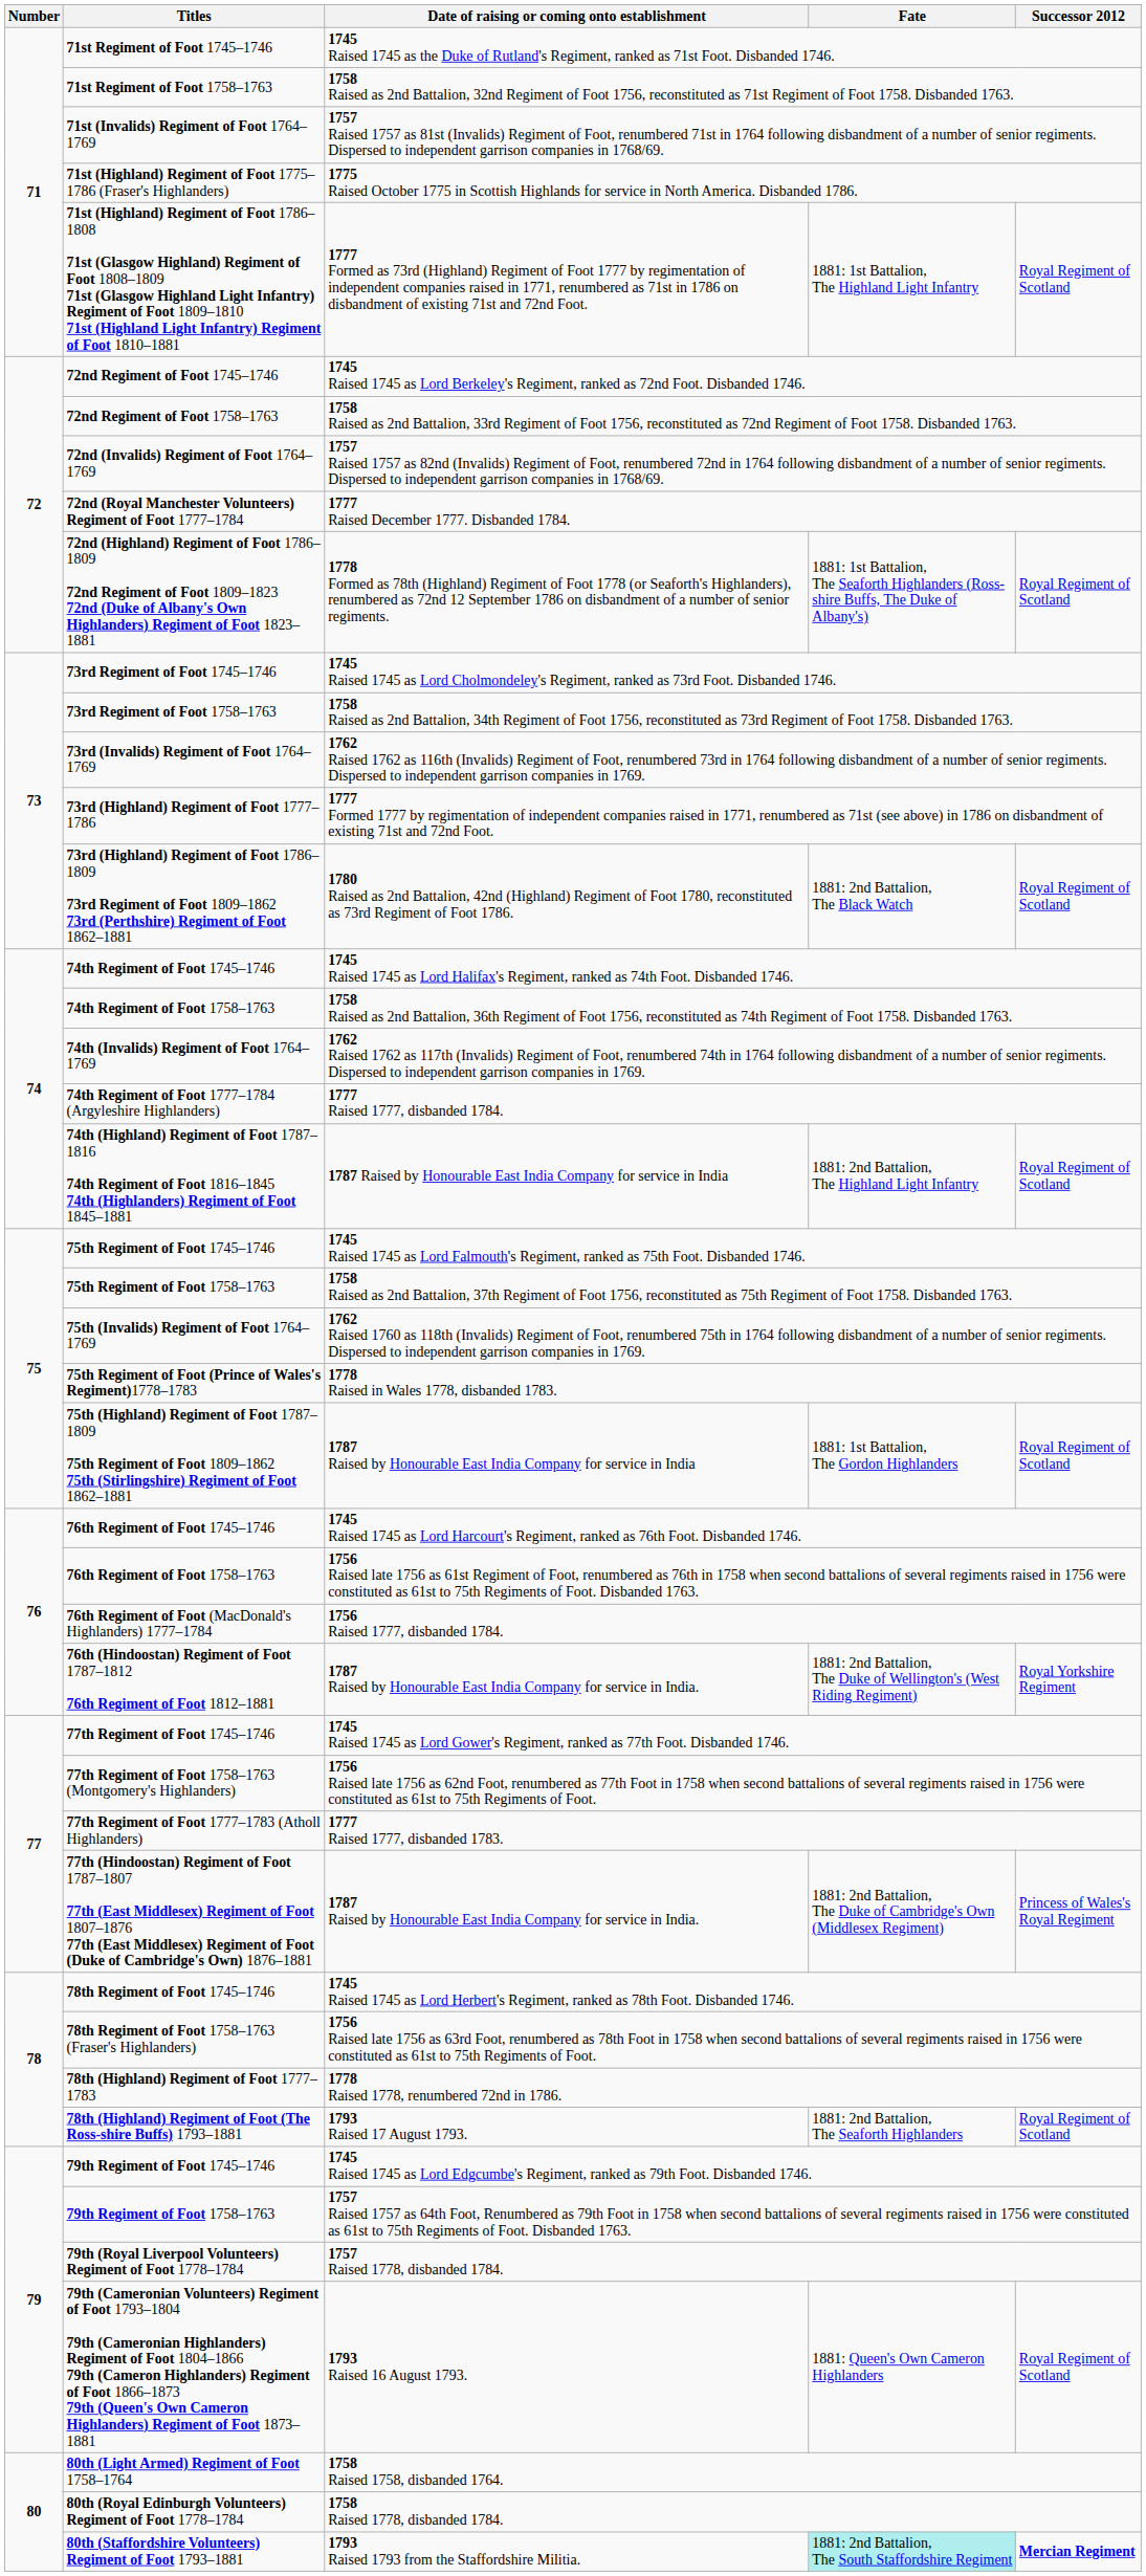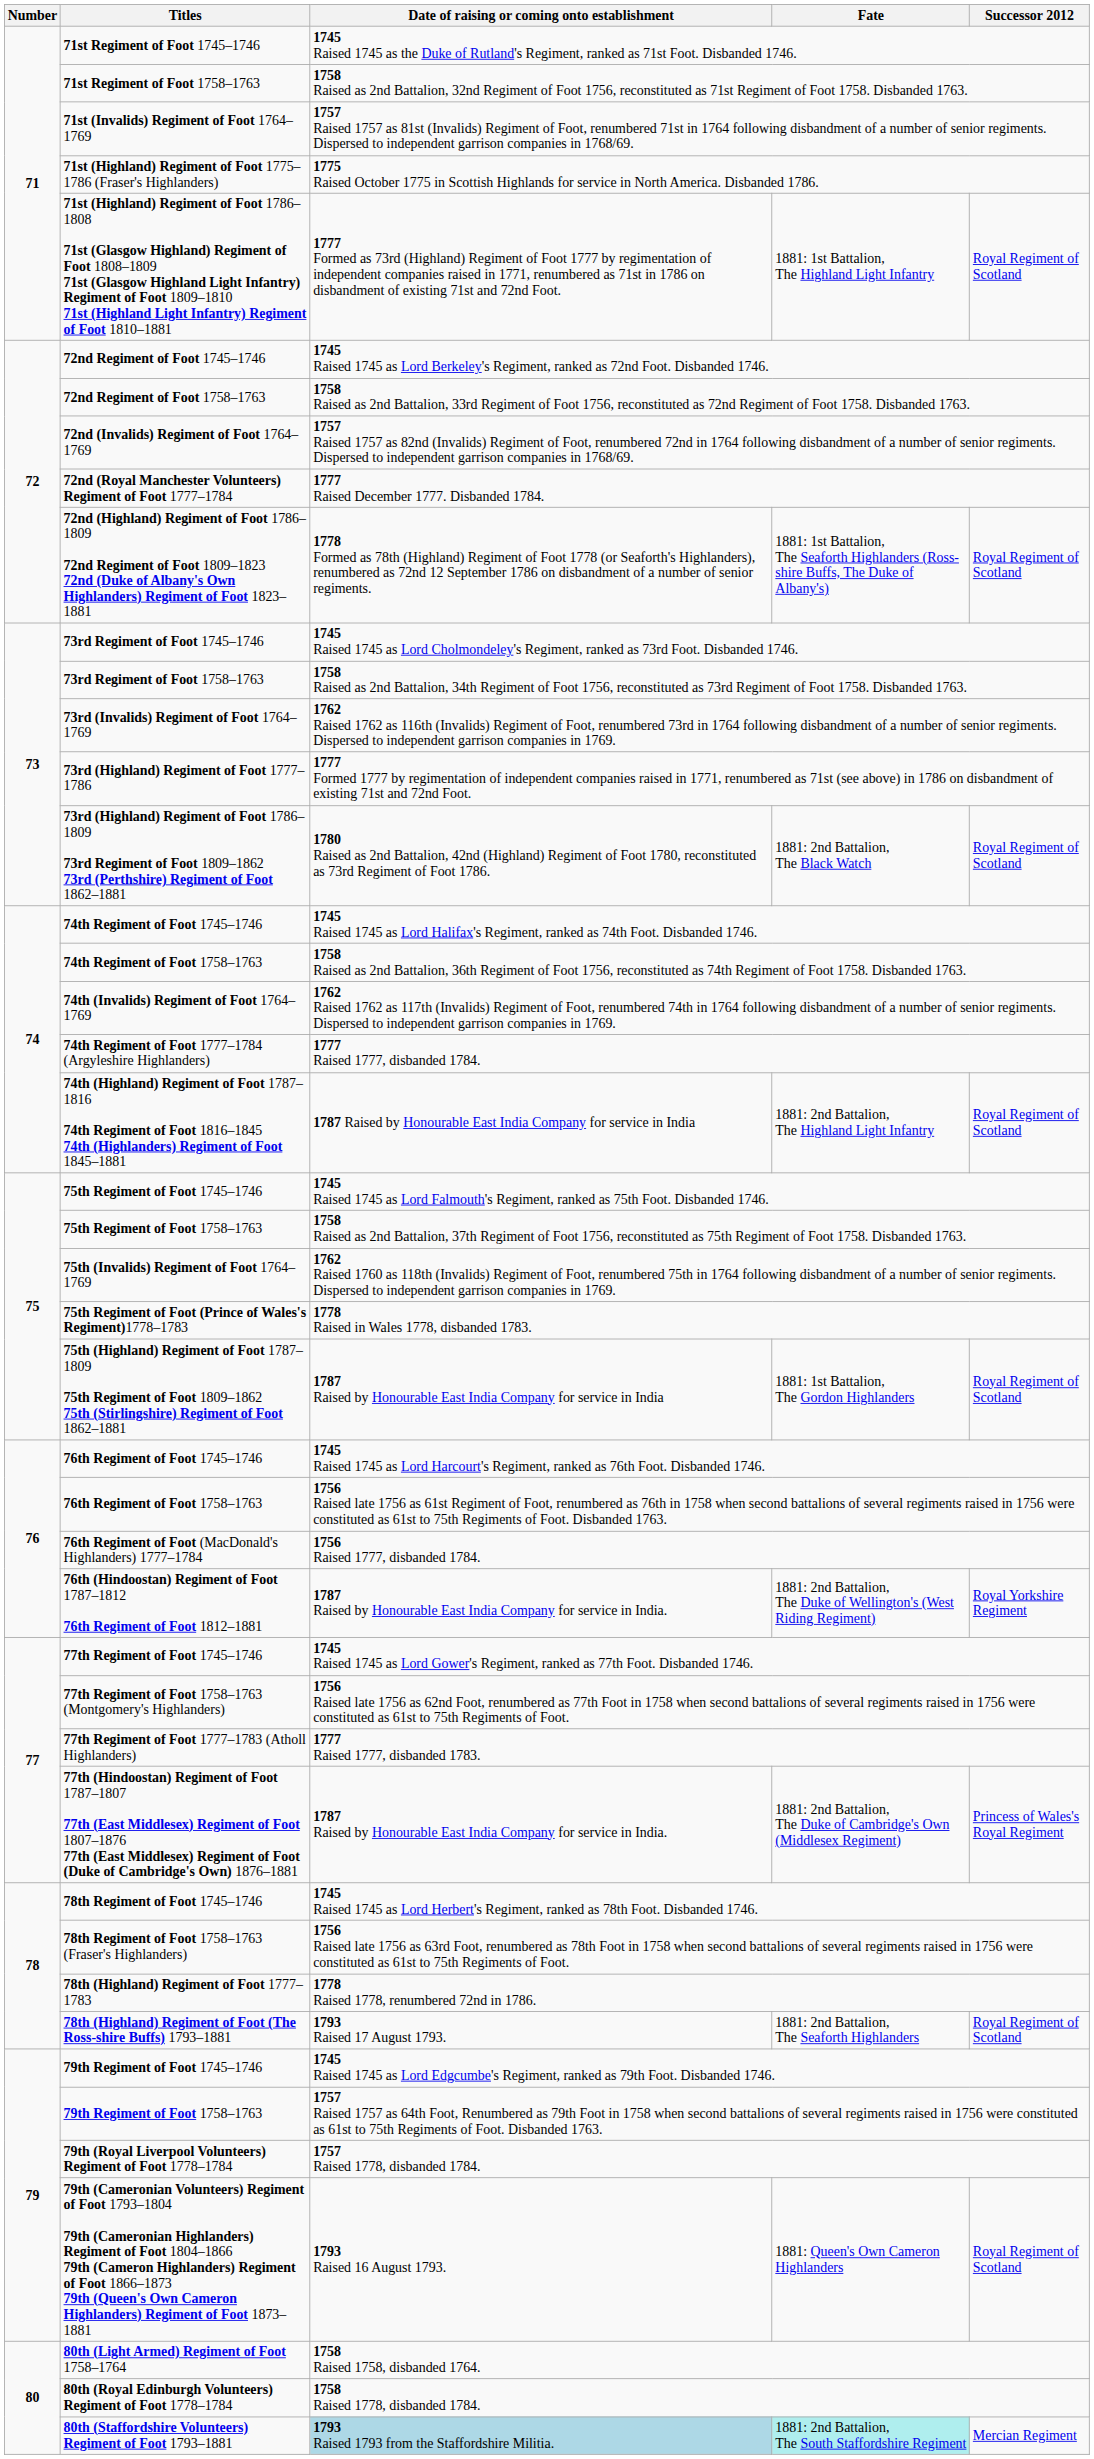 <table class="wikitable">
 <tr>
 <th>Number</th>
 <th>Titles</th>
 <th>Date of raising or coming onto establishment</th>
 <th>Fate</th>
 <th>Successor 2012</th>
 </tr>
 <tr>
 <td align=center valign=middle rowspan="5"><strong>71</strong></td>
 <td><strong>71st Regiment of Foot</strong> 1745–1746</td>
 <td colspan=3><strong>1745</strong><br>Raised 1745 as the <a href='#'>Duke of Rutland</a>'s Regiment, ranked as 71st Foot. Disbanded 1746.</td>
 </tr>
 <tr>
 <td><strong>71st Regiment of Foot</strong> 1758–1763</td>
 <td colspan="3"><strong>1758</strong><br>Raised as 2nd Battalion, 32nd Regiment of Foot 1756, reconstituted as 71st Regiment of Foot 1758. Disbanded 1763.</td>
 </tr>
 <tr>
 <td><strong>71st (Invalids) Regiment of Foot</strong> 1764–1769</td>
 <td colspan="3"><strong>1757</strong><br>Raised 1757 as 81st (Invalids) Regiment of Foot, renumbered 71st in 1764 following disbandment of a number of senior regiments. Dispersed to independent garrison companies in 1768/69.</td>
 </tr>
 <tr>
 <td><strong>71st (Highland) Regiment of Foot</strong> 1775–1786 (Fraser's Highlanders)</td>
 <td colspan="3"><strong>1775</strong><br>Raised October 1775 in Scottish Highlands for service in North America. Disbanded 1786.</td>
 </tr>
 <tr>
 <td><strong>71st (Highland) Regiment of Foot</strong> 1786–1808<br><br><strong>71st (Glasgow Highland) Regiment of Foot</strong> 1808–1809<br> <strong>71st (Glasgow Highland Light Infantry) Regiment of Foot</strong> 1809–1810<br> <strong><a href='#'>71st (Highland Light Infantry) Regiment of Foot</a></strong> 1810–1881<br></td>
 <td><strong>1777</strong><br>Formed as 73rd (Highland) Regiment of Foot 1777 by regimentation of independent companies raised in 1771, renumbered as 71st in 1786 on disbandment of existing 71st and 72nd Foot.</td>
 <td>1881: 1st Battalion,<br>The <a href='#'>Highland Light Infantry</a></td>
 <td><a href='#'>Royal Regiment of Scotland</a></td>
 </tr>
 <tr>
 <td align=center valign=middle rowspan="5"><strong>72</strong></td>
 <td><strong>72nd Regiment of Foot</strong> 1745–1746</td>
 <td colspan=3><strong>1745</strong><br>Raised 1745 as <a href='#'>Lord Berkeley</a>'s Regiment, ranked as 72nd Foot. Disbanded 1746.</td>
 </tr>
 <tr>
 <td><strong>72nd Regiment of Foot</strong> 1758–1763</td>
 <td colspan="3"><strong>1758</strong><br>Raised as 2nd Battalion, 33rd Regiment of Foot 1756, reconstituted as 72nd Regiment of Foot 1758. Disbanded 1763.</td>
 </tr>
 <tr>
 <td><strong>72nd (Invalids) Regiment of Foot</strong> 1764–1769</td>
 <td colspan="3"><strong>1757</strong><br>Raised 1757 as 82nd (Invalids) Regiment of Foot, renumbered 72nd in 1764 following disbandment of a number of senior regiments. Dispersed to independent garrison companies in 1768/69.</td>
 </tr>
 <tr>
 <td><strong>72nd (Royal Manchester Volunteers) Regiment of Foot</strong> 1777–1784</td>
 <td colspan="3"><strong>1777</strong><br>Raised December 1777. Disbanded 1784.</td>
 </tr>
 <tr>
 <td><strong>72nd (Highland) Regiment of Foot</strong> 1786–1809<br><br><strong>72nd Regiment of Foot</strong> 1809–1823<br> <strong><a href='#'>72nd (Duke of Albany's Own Highlanders) Regiment of Foot</a></strong> 1823–1881</td>
 <td><strong>1778</strong><br>Formed as 78th (Highland) Regiment of Foot 1778 (or Seaforth's Highlanders), renumbered as 72nd 12 September 1786 on disbandment of a number of senior regiments.</td>
 <td>1881: 1st Battalion,<br>The <a href='#'>Seaforth Highlanders (Ross-shire Buffs, The Duke of Albany's)</a></td>
 <td><a href='#'>Royal Regiment of Scotland</a></td>
 </tr>
 <tr>
 <td align=center valign=middle rowspan="5"><strong>73</strong></td>
 <td><strong>73rd Regiment of Foot</strong> 1745–1746</td>
 <td colspan=3><strong>1745</strong><br>Raised 1745 as <a href='#'>Lord Cholmondeley</a>'s Regiment, ranked as 73rd Foot. Disbanded 1746.</td>
 </tr>
 <tr>
 <td><strong>73rd Regiment of Foot</strong> 1758–1763</td>
 <td colspan="3"><strong>1758</strong><br>Raised as 2nd Battalion, 34th Regiment of Foot 1756, reconstituted as 73rd Regiment of Foot 1758. Disbanded 1763.</td>
 </tr>
 <tr>
 <td><strong>73rd (Invalids) Regiment of Foot</strong> 1764–1769</td>
 <td colspan="3"><strong>1762</strong><br>Raised 1762 as 116th (Invalids) Regiment of Foot, renumbered 73rd in 1764 following disbandment of a number of senior regiments. Dispersed to independent garrison companies in 1769.</td>
 </tr>
 <tr>
 <td><strong>73rd (Highland) Regiment of Foot </strong>1777–1786</td>
 <td colspan="3"><strong>1777</strong><br>Formed 1777 by regimentation of independent companies raised in 1771, renumbered as 71st (see above) in 1786 on disbandment of existing 71st and 72nd Foot.</td>
 </tr>
 <tr>
 <td><strong>73rd (Highland) Regiment of Foot</strong> 1786–1809<br><br><strong>73rd Regiment of Foot</strong> 1809–1862<br> <strong><a href='#'>73rd (Perthshire) Regiment of Foot</a></strong> 1862–1881</td>
 <td><strong>1780</strong><br>Raised as 2nd Battalion, 42nd (Highland) Regiment of Foot 1780, reconstituted as 73rd Regiment of Foot 1786.</td>
 <td>1881: 2nd Battalion,<br>The <a href='#'>Black Watch</a></td>
 <td><a href='#'>Royal Regiment of Scotland</a></td>
 </tr>
 <tr>
 <td align=center valign=middle rowspan="5"><strong>74</strong></td>
 <td><strong>74th Regiment of Foot</strong> 1745–1746</td>
 <td colspan=3><strong>1745</strong><br>Raised 1745 as <a href='#'>Lord Halifax</a>'s Regiment, ranked as 74th Foot. Disbanded 1746.</td>
 </tr>
 <tr>
 <td><strong>74th Regiment of Foot</strong> 1758–1763</td>
 <td colspan="3"><strong>1758</strong><br>Raised as 2nd Battalion, 36th Regiment of Foot 1756, reconstituted as 74th Regiment of Foot 1758. Disbanded 1763.</td>
 </tr>
 <tr>
 <td><strong>74th (Invalids) Regiment of Foot</strong> 1764–1769</td>
 <td colspan="3"><strong>1762</strong><br>Raised 1762 as 117th (Invalids) Regiment of Foot, renumbered 74th in 1764 following disbandment of a number of senior regiments. Dispersed to independent garrison companies in 1769.</td>
 </tr>
 <tr>
 <td><strong>74th Regiment of Foot</strong> 1777–1784 (Argyleshire Highlanders)</td>
 <td colspan="3"><strong>1777</strong><br>Raised 1777, disbanded 1784.</td>
 </tr>
 <tr>
 <td><strong>74th (Highland) Regiment of Foot</strong> 1787–1816<br><br><strong>74th Regiment of Foot</strong> 1816–1845<br> <strong><a href='#'>74th (Highlanders) Regiment of Foot</a></strong> 1845–1881</td>
 <td><strong>1787</strong> Raised by <a href='#'>Honourable East India Company</a> for service in India</td>
 <td>1881: 2nd Battalion,<br>The <a href='#'>Highland Light Infantry</a></td>
 <td><a href='#'>Royal Regiment of Scotland</a></td>
 </tr>
 <tr>
 <td align=center valign=middle rowspan="5"><strong>75</strong></td>
 <td><strong>75th Regiment of Foot</strong> 1745–1746</td>
 <td colspan=3><strong>1745</strong><br>Raised 1745 as <a href='#'>Lord Falmouth</a>'s Regiment, ranked as 75th Foot. Disbanded 1746.</td>
 </tr>
 <tr>
 <td><strong>75th Regiment of Foot</strong> 1758–1763</td>
 <td colspan="3"><strong>1758</strong><br>Raised as 2nd Battalion, 37th Regiment of Foot 1756, reconstituted as 75th Regiment of Foot 1758. Disbanded 1763.</td>
 </tr>
 <tr>
 <td><strong>75th (Invalids) Regiment of Foot</strong> 1764–1769</td>
 <td colspan="3"><strong>1762</strong><br>Raised 1760 as 118th (Invalids) Regiment of Foot, renumbered 75th in 1764 following disbandment of a number of senior regiments. Dispersed to independent garrison companies in 1769.</td>
 </tr>
 <tr>
 <td><strong>75th Regiment of Foot (Prince of Wales's Regiment)</strong>1778–1783</td>
 <td colspan="3"><strong>1778</strong><br>Raised in Wales 1778, disbanded 1783.</td>
 </tr>
 <tr>
 <td><strong>75th (Highland) Regiment of Foot</strong> 1787–1809<br><br><strong>75th Regiment of Foot</strong> 1809–1862<br> <strong><a href='#'>75th (Stirlingshire) Regiment of Foot</a></strong> 1862–1881</td>
 <td><strong>1787</strong><br> Raised by <a href='#'>Honourable East India Company</a> for service in India</td>
 <td>1881: 1st Battalion,<br>The <a href='#'>Gordon Highlanders</a></td>
 <td><a href='#'>Royal Regiment of Scotland</a></td>
 </tr>
 <tr>
 <td align=center valign=middle rowspan="4"><strong>76</strong></td>
 <td><strong>76th Regiment of Foot</strong> 1745–1746</td>
 <td colspan=3><strong>1745</strong><br>Raised 1745 as <a href='#'>Lord Harcourt</a>'s Regiment, ranked as 76th Foot. Disbanded 1746.</td>
 </tr>
 <tr>
 <td><strong>76th Regiment of Foot</strong> 1758–1763</td>
 <td colspan="3"><strong>1756</strong><br>Raised late 1756 as 61st Regiment of Foot, renumbered as 76th in 1758 when second battalions of several regiments raised in 1756 were constituted as 61st to 75th Regiments of Foot. Disbanded 1763.</td>
 </tr>
 <tr>
 <td><strong>76th Regiment of Foot</strong> (MacDonald's Highlanders) 1777–1784</td>
 <td colspan="3"><strong>1756</strong><br>Raised 1777, disbanded 1784.</td>
 </tr>
 <tr>
 <td><strong>76th (Hindoostan) Regiment of Foot </strong>1787–1812<br><br><strong><a href='#'>76th Regiment of Foot</a></strong> 1812–1881</td>
 <td><strong>1787</strong><br>Raised by <a href='#'>Honourable East India Company</a> for service in India.</td>
 <td>1881: 2nd Battalion,<br>The <a href='#'>Duke of Wellington's (West Riding Regiment)</a></td>
 <td><a href='#'>Royal Yorkshire Regiment</a></td>
 </tr>
 <tr>
 <td align=center valign=middle rowspan="4"><strong>77</strong></td>
 <td><strong>77th Regiment of Foot</strong> 1745–1746</td>
 <td colspan=3><strong>1745</strong><br>Raised 1745 as <a href='#'>Lord Gower</a>'s Regiment, ranked as 77th Foot. Disbanded 1746.</td>
 </tr>
 <tr>
 <td><strong>77th Regiment of Foot</strong> 1758–1763 (Montgomery's Highlanders)</td>
 <td colspan="3"><strong>1756</strong><br>Raised late 1756 as 62nd Foot, renumbered as 77th Foot in 1758 when second battalions of several regiments raised in 1756 were constituted as 61st to 75th Regiments of Foot.</td>
 </tr>
 <tr>
 <td><strong>77th Regiment of Foot </strong>1777–1783 (Atholl Highlanders)<br></td>
 <td colspan="3"><strong>1777</strong><br>Raised 1777, disbanded 1783.</td>
 </tr>
 <tr>
 <td><strong>77th (Hindoostan) Regiment of Foot </strong>1787–1807<br><br><strong><a href='#'>77th (East Middlesex) Regiment of Foot</a></strong> 1807–1876<br> <strong>77th (East Middlesex) Regiment of Foot (Duke of Cambridge's Own)</strong> 1876–1881</td>
 <td><strong>1787</strong><br>Raised by <a href='#'>Honourable East India Company</a> for service in India.</td>
 <td>1881: 2nd Battalion,<br>The <a href='#'>Duke of Cambridge's Own (Middlesex Regiment)</a></td>
 <td><a href='#'>Princess of Wales's Royal Regiment</a></td>
 </tr>
 <tr>
 <td align=center valign=middle rowspan="4"><strong>78</strong></td>
 <td><strong>78th Regiment of Foot</strong> 1745–1746</td>
 <td colspan=3><strong>1745</strong><br>Raised 1745 as <a href='#'>Lord Herbert</a>'s Regiment, ranked as 78th Foot. Disbanded 1746.</td>
 </tr>
 <tr>
 <td><strong>78th Regiment of Foot</strong> 1758–1763 (Fraser's Highlanders)</td>
 <td colspan="3"><strong>1756</strong><br>Raised late 1756 as 63rd Foot, renumbered as 78th Foot in 1758 when second battalions of several regiments raised in 1756 were constituted as 61st to 75th Regiments of Foot.</td>
 </tr>
 <tr>
 <td><strong>78th (Highland) Regiment of Foot</strong> 1777–1783<br></td>
 <td colspan="3"><strong>1778</strong><br>Raised 1778, renumbered 72nd in 1786.</td>
 </tr>
 <tr>
 <td><strong><a href='#'>78th (Highland) Regiment of Foot (The Ross-shire Buffs)</a></strong> 1793–1881<br></td>
 <td><strong>1793</strong><br>Raised 17 August 1793.</td>
 <td>1881: 2nd Battalion,<br>The <a href='#'>Seaforth Highlanders</a></td>
 <td><a href='#'>Royal Regiment of Scotland</a></td>
 </tr>
 <tr>
 <td align=center valign=middle rowspan="4"><strong>79</strong></td>
 <td><strong>79th Regiment of Foot</strong> 1745–1746</td>
 <td colspan=3><strong>1745</strong><br>Raised 1745 as <a href='#'>Lord Edgcumbe</a>'s Regiment, ranked as 79th Foot. Disbanded 1746.</td>
 </tr>
 <tr>
 <td><strong><a href='#'>79th Regiment of Foot</a></strong> 1758–1763<br></td>
 <td colspan="3"><strong>1757</strong><br>Raised 1757 as 64th Foot, Renumbered as 79th Foot in 1758 when second battalions of several regiments raised in 1756 were constituted as 61st to 75th Regiments of Foot. Disbanded 1763.</td>
 </tr>
 <tr>
 <td><strong>79th (Royal Liverpool Volunteers) Regiment of Foot</strong> 1778–1784<br></td>
 <td colspan="3"><strong>1757</strong><br>Raised 1778, disbanded 1784.</td>
 </tr>
 <tr>
 <td><strong>79th (Cameronian Volunteers) Regiment of Foot</strong> 1793–1804<br><br><strong>79th (Cameronian Highlanders) Regiment of Foot</strong> 1804–1866<br> <strong>79th (Cameron Highlanders) Regiment of Foot</strong> 1866–1873<br> <strong><a href='#'>79th (Queen's Own Cameron Highlanders) Regiment of Foot</a></strong> 1873–1881</td>
 <td><strong>1793</strong><br>Raised 16 August 1793.</td>
 <td>1881: <a href='#'>Queen's Own Cameron Highlanders</a></td>
 <td><a href='#'>Royal Regiment of Scotland</a></td>
 </tr>
 <tr>
 <td align=center valign=middle rowspan="3"><strong>80</strong></td>
 <td><strong><a href='#'>80th (Light Armed) Regiment of Foot</a></strong> 1758–1764</td>
 <td colspan="3"><strong>1758</strong><br>Raised 1758, disbanded 1764.</td>
 </tr>
 <tr>
 <td><strong>80th (Royal Edinburgh Volunteers) Regiment of Foot</strong> 1778–1784</td>
 <td colspan="3"><strong>1758</strong><br>Raised 1778, disbanded 1784.</td>
 </tr>
 <tr>
 <td><strong><a href='#'>80th (Staffordshire Volunteers) Regiment of Foot</a></strong> 1793–1881</td>
-<td><strong>1793</strong><br>Raised 1793 from the Staffordshire Militia.</td>
+<td style="background: lightblue;"><strong>1793</strong><br>Raised 1793 from the Staffordshire Militia.</td>
 <td style="background: paleturquoise;">1881: 2nd Battalion,<br>The <a href='#'>South Staffordshire Regiment</a></td>
-<td><strong><a href='#'>Mercian Regiment</a></strong></td>
+<td><a href='#'>Mercian Regiment</a></td>
 </tr>
 </table>
